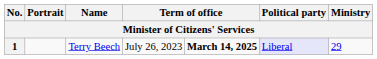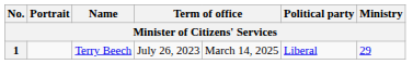 <table class="wikitable">
 <tr>
 <th>No.</th>
 <th>Portrait</th>
 <th>Name</th>
 <th colspan=2>Term of office</th>
 <th>Political party</th>
 <th>Ministry</th>
 </tr>
 <tr>
 <th colspan=7>Minister of Citizens' Services</th>
 </tr>
 <tr>
 <th style="background:">1</th>
 <td></td>
 <td><a href='#'>Terry Beech</a></td>
 <td>July 26, 2023</td>
-<td><strong>March 14, 2025</strong></td>
-<td style="background: lavender;"><a href='#'>Liberal</a></td>
+<td>March 14, 2025</td>
+<td><a href='#'>Liberal</a></td>
 <td rowspan=2><a href='#'>29</a> <small></small></td>
 </tr>
 </table>
